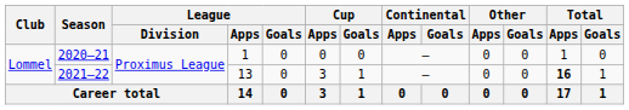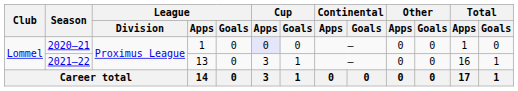 <table class="wikitable" style="text-align: center">
 <tr>
 <th rowspan="2">Club</th>
 <th rowspan="2">Season</th>
 <th colspan="3">League</th>
 <th colspan="2">Cup</th>
 <th colspan="2">Continental</th>
 <th colspan="2">Other</th>
 <th colspan="2">Total</th>
 </tr>
 <tr>
 <th>Division</th>
 <th>Apps</th>
 <th>Goals</th>
 <th>Apps</th>
 <th>Goals</th>
 <th>Apps</th>
 <th>Goals</th>
 <th>Apps</th>
 <th>Goals</th>
 <th>Apps</th>
 <th>Goals</th>
 </tr>
 <tr>
 <td rowspan="2"><a href='#'>Lommel</a></td>
 <td><a href='#'>2020–21</a></td>
 <td rowspan="2"><a href='#'>Proximus League</a></td>
 <td>1</td>
 <td>0</td>
-<td>0</td>
+<td style="background: lavender;">0</td>
 <td>0</td>
 <td colspan="2">—</td>
 <td>0</td>
 <td>0</td>
 <td>1</td>
 <td>0</td>
 </tr>
 <tr>
 <td><a href='#'>2021–22</a></td>
 <td>13</td>
 <td>0</td>
 <td>3</td>
 <td>1</td>
 <td colspan="2">—</td>
 <td>0</td>
 <td>0</td>
-<td><strong>16</strong></td>
+<td>16</td>
 <td>1</td>
 </tr>
 <tr>
 <th colspan="3"><strong>Career total</strong></th>
 <th>14</th>
 <th>0</th>
 <th>3</th>
 <th>1</th>
 <th>0</th>
 <th>0</th>
 <th>0</th>
 <th>0</th>
 <th>17</th>
 <th>1</th>
 </tr>
 </table>
